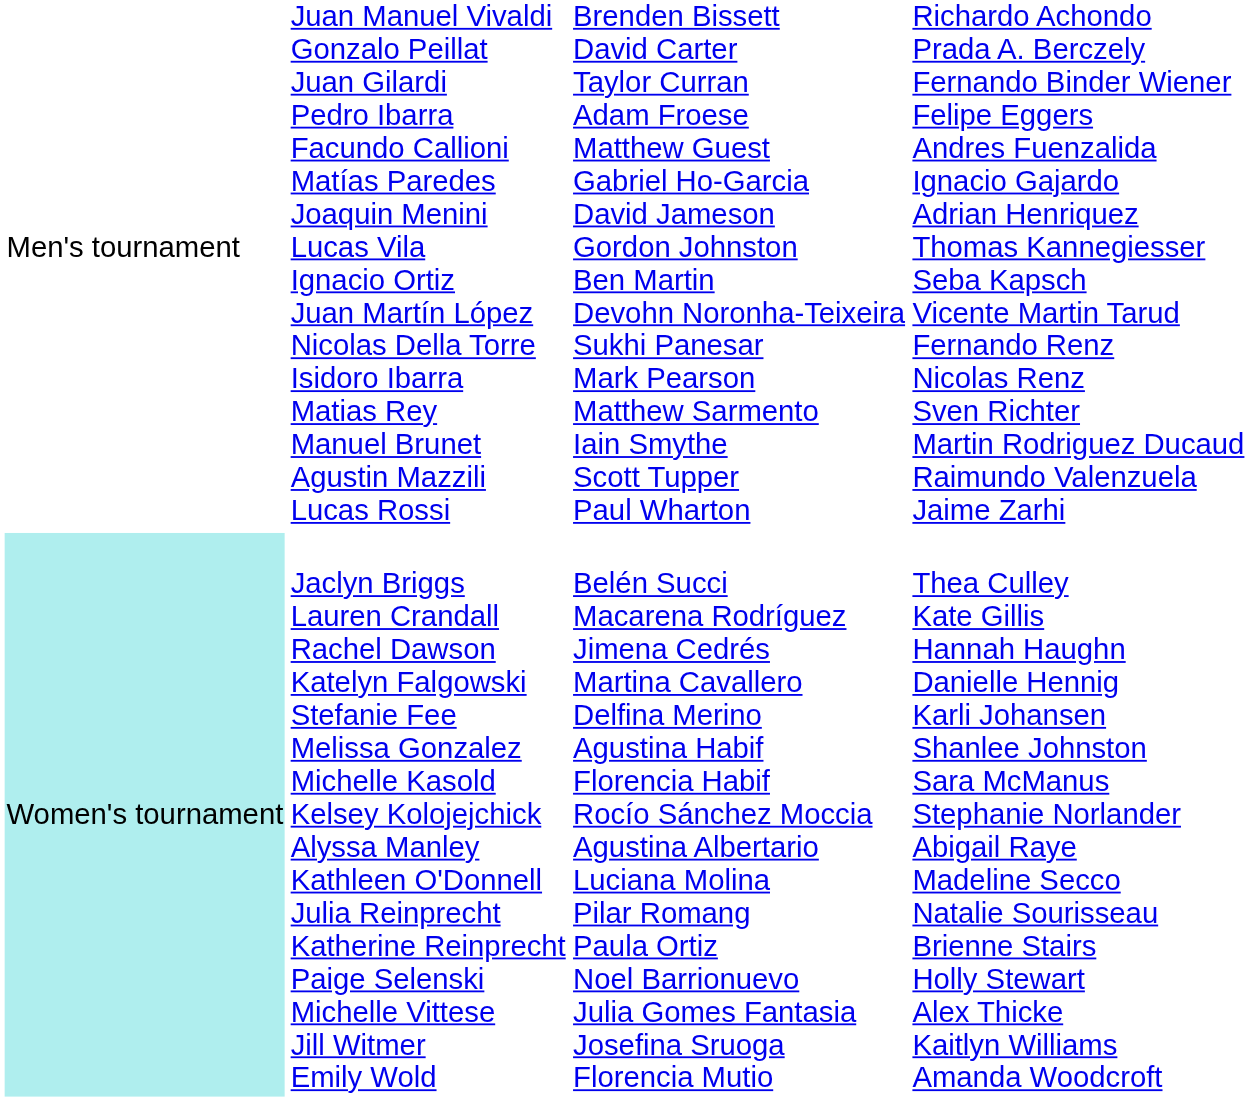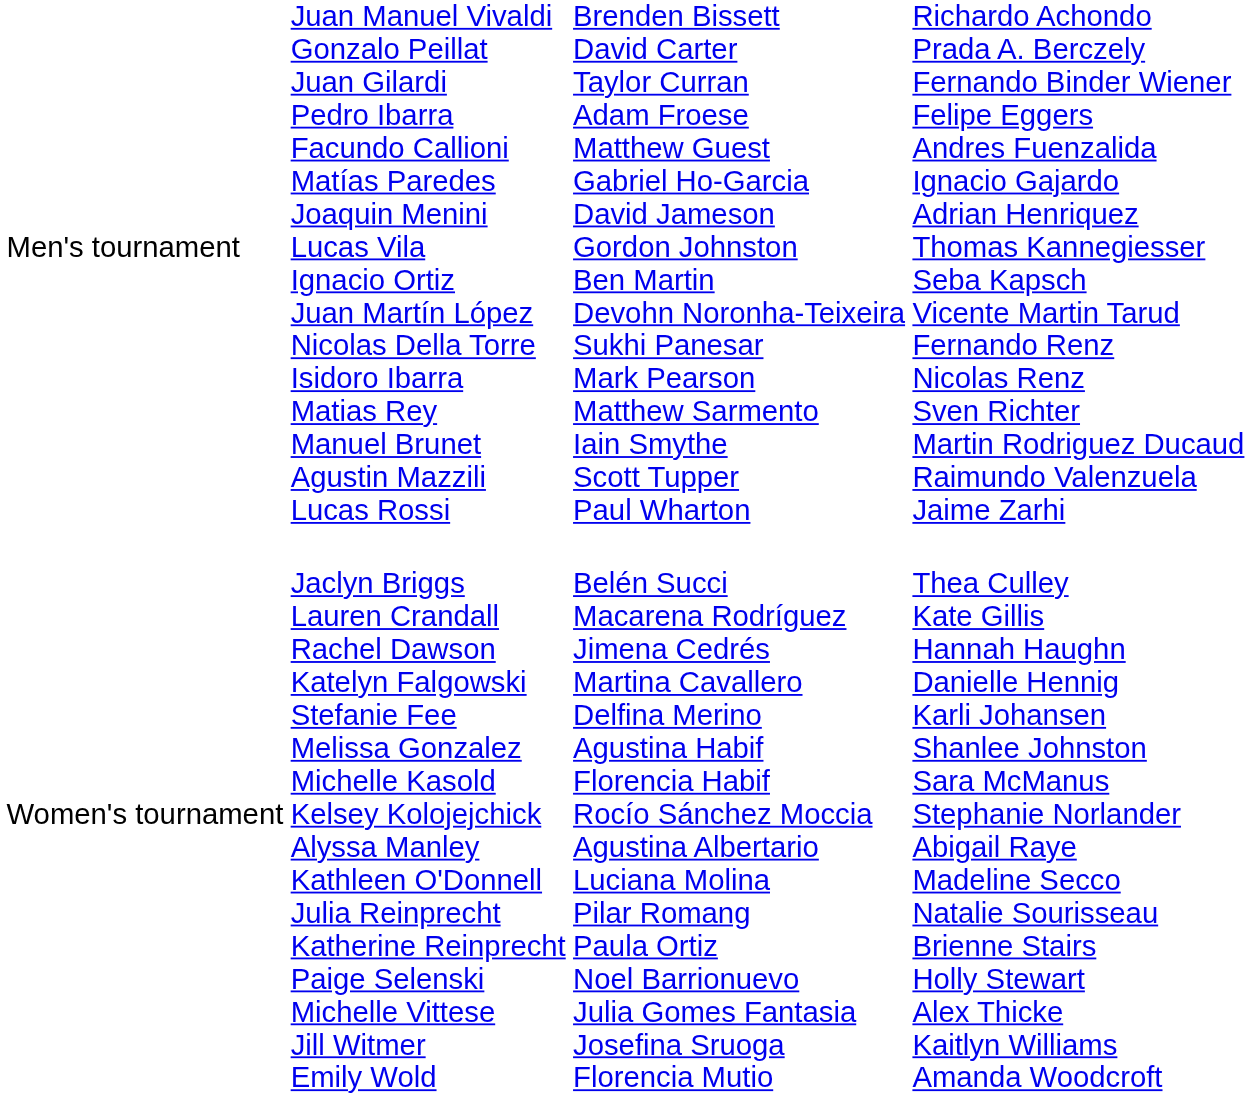 <table>
 <tr>
 <td>Men's tournament<br></td>
 <td><br><a href='#'>Juan Manuel Vivaldi</a><br><a href='#'>Gonzalo Peillat</a><br><a href='#'>Juan Gilardi</a><br><a href='#'>Pedro Ibarra</a><br><a href='#'>Facundo Callioni</a><br><a href='#'>Matías Paredes</a><br><a href='#'>Joaquin Menini</a><br><a href='#'>Lucas Vila</a><br><a href='#'>Ignacio Ortiz</a><br><a href='#'>Juan Martín López</a><br><a href='#'>Nicolas Della Torre</a><br><a href='#'>Isidoro Ibarra</a><br><a href='#'>Matias Rey</a><br><a href='#'>Manuel Brunet</a><br><a href='#'>Agustin Mazzili</a><br><a href='#'>Lucas Rossi</a></td>
 <td><br><a href='#'>Brenden Bissett</a><br><a href='#'>David Carter</a><br><a href='#'>Taylor Curran</a><br><a href='#'>Adam Froese</a><br><a href='#'>Matthew Guest</a><br><a href='#'>Gabriel Ho-Garcia</a><br><a href='#'>David Jameson</a><br><a href='#'>Gordon Johnston</a><br><a href='#'>Ben Martin</a><br><a href='#'>Devohn Noronha-Teixeira</a><br><a href='#'>Sukhi Panesar</a><br><a href='#'>Mark Pearson</a><br><a href='#'>Matthew Sarmento</a><br><a href='#'>Iain Smythe</a><br><a href='#'>Scott Tupper</a><br><a href='#'>Paul Wharton</a></td>
 <td><br><a href='#'>Richardo Achondo</a><br><a href='#'>Prada A. Berczely</a><br><a href='#'>Fernando Binder Wiener</a><br><a href='#'>Felipe Eggers</a><br><a href='#'>Andres Fuenzalida</a><br><a href='#'>Ignacio Gajardo</a><br><a href='#'>Adrian Henriquez</a><br><a href='#'>Thomas Kannegiesser</a><br><a href='#'>Seba Kapsch</a><br><a href='#'>Vicente Martin Tarud</a><br><a href='#'>Fernando Renz</a><br><a href='#'>Nicolas Renz</a><br><a href='#'>Sven Richter</a><br><a href='#'>Martin Rodriguez Ducaud</a><br><a href='#'>Raimundo Valenzuela</a><br><a href='#'>Jaime Zarhi</a></td>
 </tr>
 <tr>
-<td style="background: paleturquoise;">Women's tournament<br></td>
+<td>Women's tournament<br></td>
 <td><br><a href='#'>Jaclyn Briggs</a><br><a href='#'>Lauren Crandall</a><br><a href='#'>Rachel Dawson</a><br><a href='#'>Katelyn Falgowski</a><br><a href='#'>Stefanie Fee</a><br><a href='#'>Melissa Gonzalez</a><br><a href='#'>Michelle Kasold</a><br><a href='#'>Kelsey Kolojejchick</a><br><a href='#'>Alyssa Manley</a><br><a href='#'>Kathleen O'Donnell</a><br><a href='#'>Julia Reinprecht</a><br><a href='#'>Katherine Reinprecht</a><br><a href='#'>Paige Selenski</a><br><a href='#'>Michelle Vittese</a><br><a href='#'>Jill Witmer</a><br><a href='#'>Emily Wold</a></td>
 <td><br><a href='#'>Belén Succi</a><br><a href='#'>Macarena Rodríguez</a><br><a href='#'>Jimena Cedrés</a><br><a href='#'>Martina Cavallero</a><br><a href='#'>Delfina Merino</a><br><a href='#'>Agustina Habif</a><br><a href='#'>Florencia Habif</a><br><a href='#'>Rocío Sánchez Moccia</a><br><a href='#'>Agustina Albertario</a><br><a href='#'>Luciana Molina</a><br><a href='#'>Pilar Romang</a><br><a href='#'>Paula Ortiz</a><br><a href='#'>Noel Barrionuevo</a><br><a href='#'>Julia Gomes Fantasia</a><br><a href='#'>Josefina Sruoga</a><br><a href='#'>Florencia Mutio</a></td>
 <td><br><a href='#'>Thea Culley</a><br><a href='#'>Kate Gillis</a><br><a href='#'>Hannah Haughn</a><br><a href='#'>Danielle Hennig</a><br><a href='#'>Karli Johansen</a><br><a href='#'>Shanlee Johnston</a><br><a href='#'>Sara McManus</a><br><a href='#'>Stephanie Norlander</a><br><a href='#'>Abigail Raye</a><br><a href='#'>Madeline Secco</a><br><a href='#'>Natalie Sourisseau</a><br><a href='#'>Brienne Stairs</a><br><a href='#'>Holly Stewart</a><br><a href='#'>Alex Thicke</a><br><a href='#'>Kaitlyn Williams</a><br><a href='#'>Amanda Woodcroft</a></td>
 </tr>
 </table>
